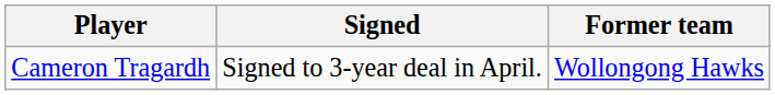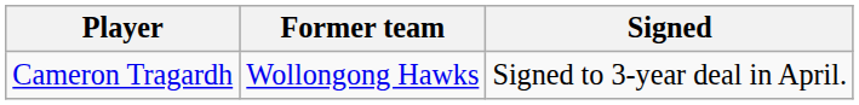 <table class="wikitable sortable sortable" style="text-align: center">
 <tr>
 <th>Player</th>
+<th>Former team</th>
 <th>Signed</th>
-<th>Former team</th>
 </tr>
 <tr>
 <td><a href='#'>Cameron Tragardh</a></td>
+<td><a href='#'>Wollongong Hawks</a></td>
 <td>Signed to 3-year deal in April.</td>
-<td><a href='#'>Wollongong Hawks</a></td>
 </tr>
 </table>
